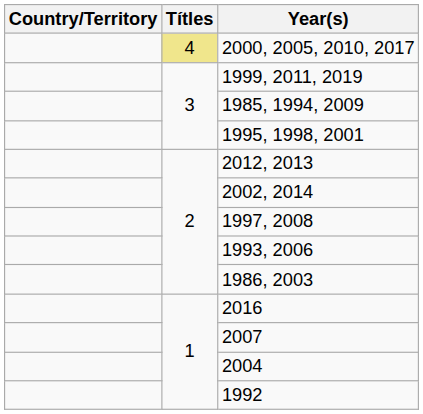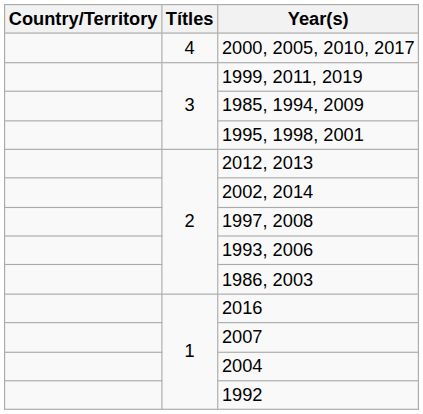 <table class="wikitable">
 <tr>
 <th>Country/Territory</th>
 <th>Títles</th>
 <th>Year(s)</th>
 </tr>
 <tr>
 <td></td>
-<td style="background: khaki; text-align:center;">4</td>
+<td style="text-align:center;">4</td>
 <td>2000, 2005, 2010, 2017</td>
 </tr>
 <tr>
 <td></td>
 <td rowspan="3"  style="text-align:center;">3</td>
 <td>1999, 2011, 2019</td>
 </tr>
 <tr>
 <td></td>
 <td>1985, 1994, 2009</td>
 </tr>
 <tr>
 <td></td>
 <td>1995, 1998, 2001</td>
 </tr>
 <tr>
 <td></td>
 <td rowspan="5"  style="text-align:center;">2</td>
 <td>2012, 2013</td>
 </tr>
 <tr>
 <td></td>
 <td>2002, 2014</td>
 </tr>
 <tr>
 <td></td>
 <td>1997, 2008</td>
 </tr>
 <tr>
 <td></td>
 <td>1993, 2006</td>
 </tr>
 <tr>
 <td></td>
 <td>1986, 2003</td>
 </tr>
 <tr>
 <td></td>
 <td rowspan="4"  style="text-align:center;">1</td>
 <td>2016</td>
 </tr>
 <tr>
 <td></td>
 <td>2007</td>
 </tr>
 <tr>
 <td></td>
 <td>2004</td>
 </tr>
 <tr>
 <td></td>
 <td>1992</td>
 </tr>
 </table>
